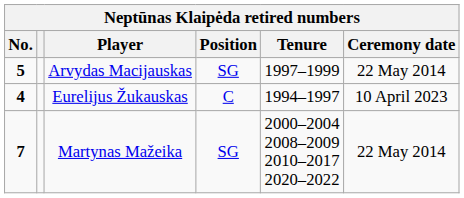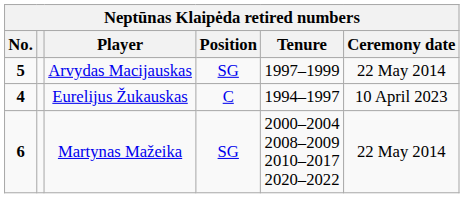 <table class="wikitable sortable" style="text-align:center">
 <tr>
 <th colspan="6">Neptūnas Klaipėda retired numbers</th>
 </tr>
 <tr>
 <th>No.</th>
 <th></th>
 <th>Player</th>
 <th>Position</th>
 <th>Tenure</th>
 <th>Ceremony date</th>
 </tr>
 <tr>
 <td><strong>5</strong></td>
 <td></td>
 <td><a href='#'>Arvydas Macijauskas</a></td>
 <td><a href='#'>SG</a></td>
 <td>1997–1999</td>
 <td>22 May 2014</td>
 </tr>
 <tr>
 <td><strong>4</strong></td>
 <td></td>
 <td><a href='#'>Eurelijus Žukauskas</a></td>
 <td><a href='#'>C</a></td>
 <td>1994–1997</td>
 <td>10 April 2023</td>
 </tr>
 <tr>
-<td><strong>7</strong></td>
+<td><strong>6</strong></td>
 <td></td>
 <td><a href='#'>Martynas Mažeika</a></td>
 <td><a href='#'>SG</a></td>
 <td>2000–2004<br>2008–2009<br>2010–2017<br>2020–2022</td>
 <td>22 May 2014</td>
 </tr>
 </table>
